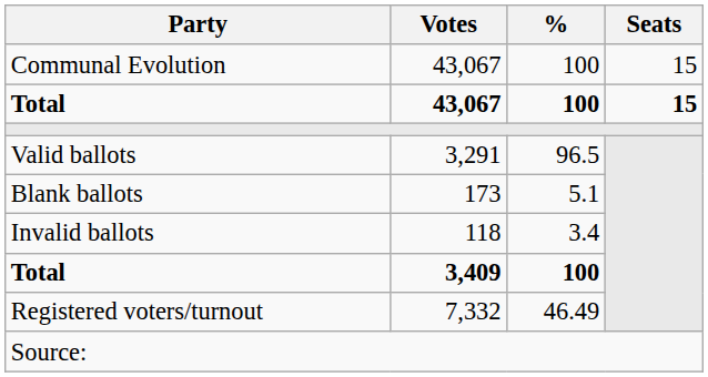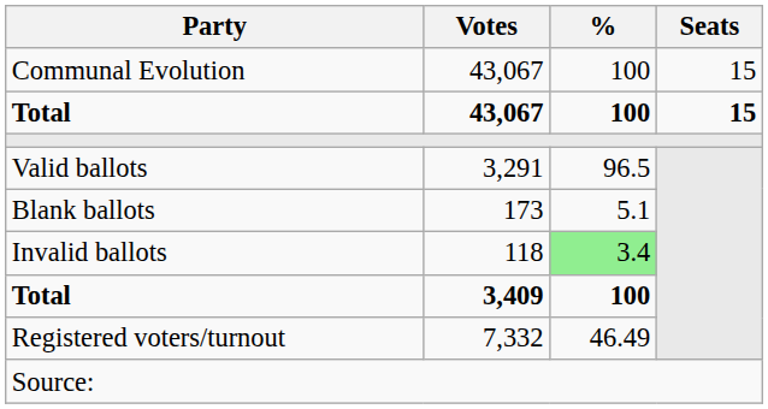 <table class="wikitable" width="450" style="text-align:right">
 <tr>
 <th>Party</th>
 <th>Votes</th>
 <th>%</th>
 <th>Seats</th>
 </tr>
 <tr>
 <td align="left">Communal Evolution</td>
 <td>43,067</td>
 <td>100</td>
 <td>15</td>
 </tr>
 <tr>
 <td align="left"><strong>Total</strong></td>
 <td><strong>43,067</strong></td>
 <td><strong>100</strong></td>
 <td><strong>15</strong></td>
 </tr>
 <tr>
 <td colspan="4" bgcolor="#E9E9E9"></td>
 </tr>
 <tr>
 <td align="left">Valid ballots</td>
 <td>3,291</td>
 <td>96.5</td>
 <td rowspan="5" bgcolor="#E9E9E9"></td>
 </tr>
 <tr>
 <td align="left">Blank ballots</td>
 <td>173</td>
 <td>5.1</td>
 </tr>
 <tr>
 <td align="left">Invalid ballots</td>
 <td>118</td>
-<td>3.4</td>
+<td style="background: lightgreen;">3.4</td>
 </tr>
 <tr>
 <td align="left"><strong>Total</strong></td>
 <td><strong>3,409</strong></td>
 <td><strong>100</strong></td>
 </tr>
 <tr>
 <td align="left">Registered voters/turnout</td>
 <td>7,332</td>
 <td>46.49</td>
 </tr>
 <tr>
 <td colspan="4" align="left">Source: </td>
 </tr>
 </table>
